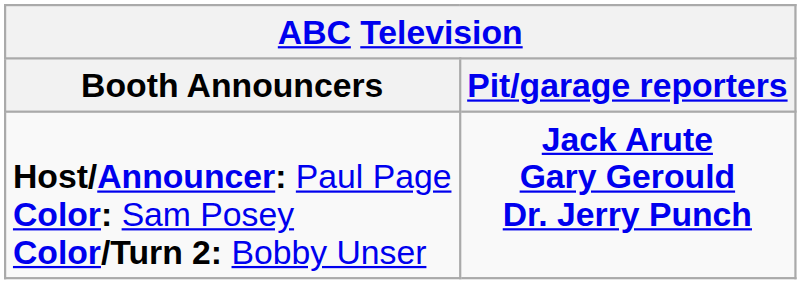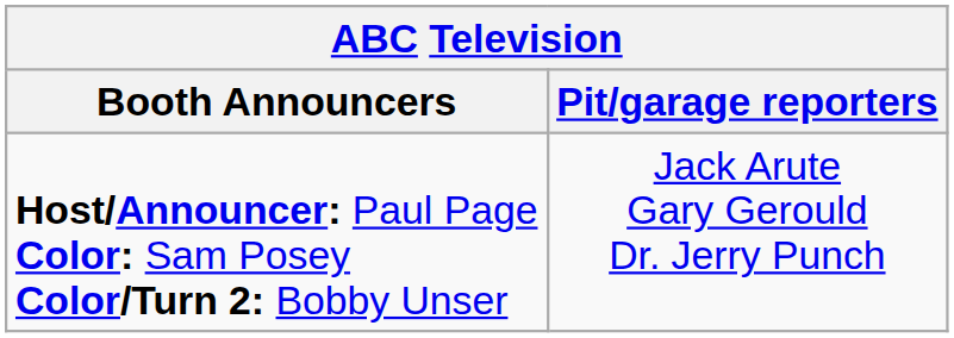 <table class="wikitable" style="font-size: 95%;">
 <tr>
 <th colspan=2><a href='#'>ABC</a> <a href='#'>Television</a></th>
 </tr>
 <tr>
 <th>Booth Announcers</th>
 <th><a href='#'>Pit/garage reporters</a></th>
 </tr>
 <tr>
 <td valign="top"><br><strong>Host/<a href='#'>Announcer</a>:</strong> <a href='#'>Paul Page</a><br> <strong><a href='#'>Color</a>:</strong> <a href='#'>Sam Posey</a><br> <strong><a href='#'>Color</a>/Turn 2:</strong> <a href='#'>Bobby Unser</a><br></td>
-<td align="center" valign="top"><strong><a href='#'>Jack Arute</a><br><a href='#'>Gary Gerould</a><br><a href='#'>Dr. Jerry Punch</a></strong></td>
+<td align="center" valign="top"><a href='#'>Jack Arute</a><br><a href='#'>Gary Gerould</a><br><a href='#'>Dr. Jerry Punch</a></td>
 </tr>
 </table>
